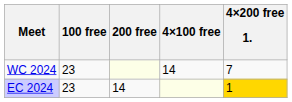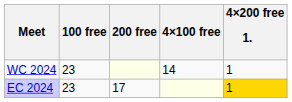 <table class="sortable wikitable">
 <tr>
 <th>Meet</th>
 <th class="unsortable">100 free</th>
 <th class="unsortable">200 free</th>
 <th class="unsortable">4×100 free</th>
 <th class="unsortable">4×200 free<br><ol><li></li></ol></th>
 </tr>
 <tr>
 <td><a href='#'>WC 2024</a></td>
 <td>23</td>
 <td style="background:#fdffe7"></td>
 <td>14</td>
-<td>7</td>
+<td>1</td>
 </tr>
 <tr>
 <td style="background:#ccccff"><a href='#'>EC 2024</a></td>
 <td>23</td>
-<td>14</td>
+<td>17</td>
 <td style="background:#fdffe7"></td>
 <td style="background:gold">1</td>
 </tr>
 </table>
